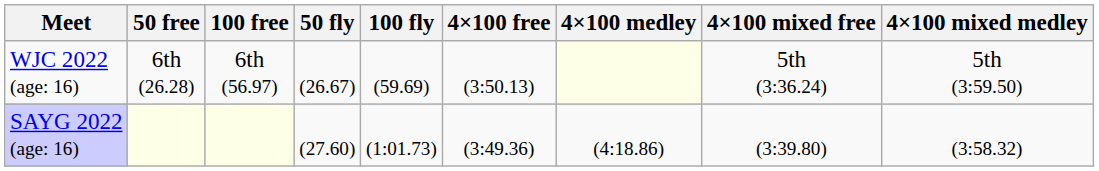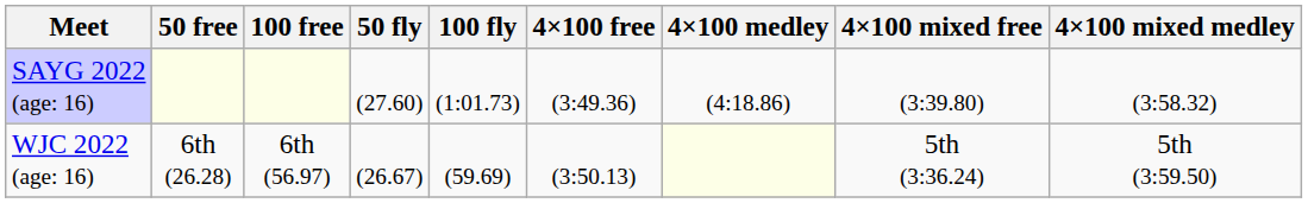 <table class="sortable wikitable">
 <tr>
 <th>Meet</th>
 <th class="unsortable">50 free</th>
 <th class="unsortable">100 free</th>
 <th class="unsortable">50 fly</th>
 <th class="unsortable">100 fly</th>
 <th class="unsortable">4×100 free</th>
 <th class="unsortable">4×100 medley</th>
 <th class="unsortable">4×100 mixed free</th>
 <th class="unsortable">4×100 mixed medley</th>
 </tr>
 <tr>
+<td style="background:#ccccff"><a href='#'>SAYG 2022</a><br><small>(age: 16)</small></td>
+<td style="background:#fdffe7"></td>
+<td style="background:#fdffe7"></td>
+<td align="center"><br><small>(27.60)</small></td>
+<td align="center"><br><small>(1:01.73)</small></td>
+<td align="center"><br><small>(3:49.36)</small></td>
+<td align="center"><br><small>(4:18.86)</small></td>
+<td align="center"><br><small>(3:39.80)</small></td>
+<td align="center"><br><small>(3:58.32)</small></td>
+</tr>
+<tr>
 <td><a href='#'>WJC 2022</a><br><small>(age: 16)</small></td>
 <td align="center">6th<br><small>(26.28)</small></td>
 <td align="center">6th<br><small>(56.97)</small></td>
 <td align="center"><br><small>(26.67)</small></td>
 <td align="center"><br><small>(59.69)</small></td>
 <td align="center"><br><small>(3:50.13)</small></td>
 <td style="background:#fdffe7"></td>
 <td align="center">5th<br><small>(3:36.24)</small></td>
 <td align="center">5th<br><small>(3:59.50)</small></td>
 </tr>
-<tr>
-<td style="background:#ccccff"><a href='#'>SAYG 2022</a><br><small>(age: 16)</small></td>
-<td style="background:#fdffe7"></td>
-<td style="background:#fdffe7"></td>
-<td align="center"><br><small>(27.60)</small></td>
-<td align="center"><br><small>(1:01.73)</small></td>
-<td align="center"><br><small>(3:49.36)</small></td>
-<td align="center"><br><small>(4:18.86)</small></td>
-<td align="center"><br><small>(3:39.80)</small></td>
-<td align="center"><br><small>(3:58.32)</small></td>
-</tr>
 </table>
